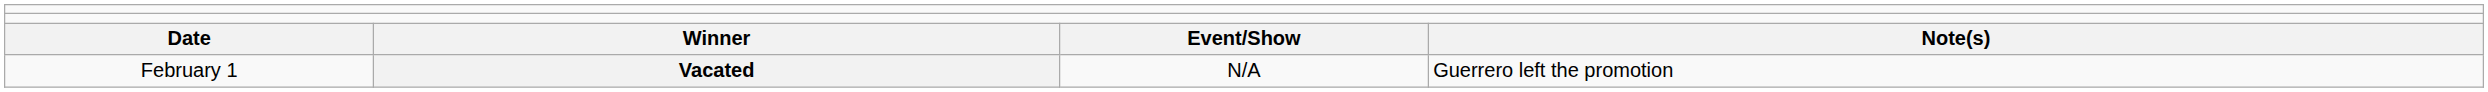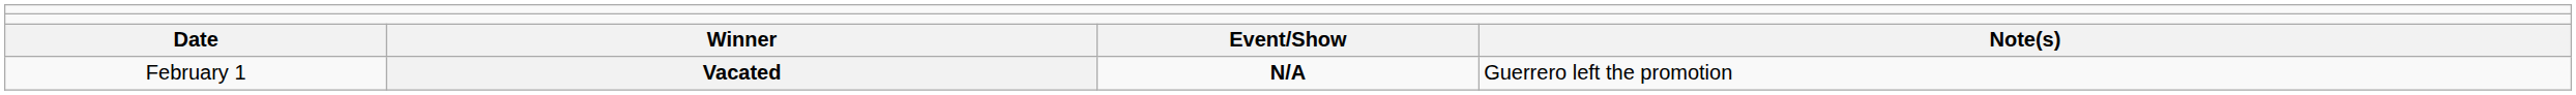 <table class="wikitable" style="text-align:center; width:100%;">
 <tr>
 <td colspan=5></td>
 </tr>
 <tr>
 <td colspan=5><strong></strong></td>
 </tr>
 <tr>
 <th width=14%>Date</th>
 <th width=26%>Winner</th>
 <th width=14%>Event/Show</th>
 <th width=40%>Note(s)</th>
 </tr>
 <tr>
 <td>February 1</td>
 <th>Vacated</th>
-<td>N/A</td>
+<td><strong>N/A</strong></td>
 <td align=left>Guerrero left the promotion</td>
 </tr>
 </table>
